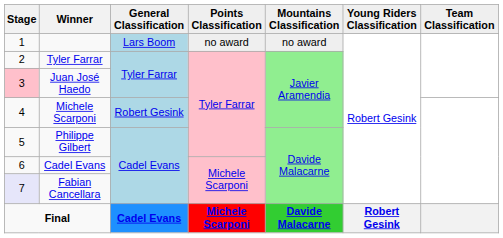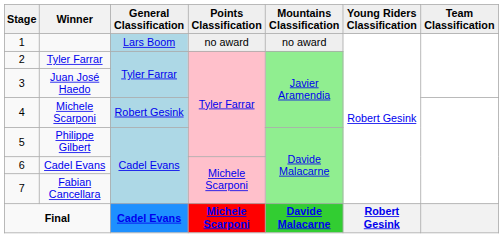 <table class="wikitable" style="text-align: center; font-size:smaller;">
 <tr>
 <th width="1%">Stage</th>
 <th width="14%">Winner</th>
 <th style="background:#EFEFEF;" width="15%">General Classification<br></th>
 <th style="background:#EFEFEF;" width="15%">Points Classification<br></th>
 <th style="background:#EFEFEF;" width="15%">Mountains Classification<br></th>
 <th style="background:#EFEFEF;" width="15%">Young Riders Classification<br></th>
 <th style="background:#EFEFEF;" width="15%">Team Classification</th>
 </tr>
 <tr>
 <td>1</td>
 <td></td>
 <td style="background-color:lightblue;"><a href='#'>Lars Boom</a></td>
 <td style="background-color:#EFEFEF;">no award</td>
 <td style="background-color:#EFEFEF;">no award</td>
 <td style="background-color:white;" rowspan="7"><a href='#'>Robert Gesink</a></td>
 <td style="background-color:white;" rowspan="3"></td>
 </tr>
 <tr>
 <td>2</td>
 <td><a href='#'>Tyler Farrar</a></td>
 <td style="background-color:lightblue;" rowspan="2"><a href='#'>Tyler Farrar</a></td>
 <td style="background-color:pink;" rowspan="4"><a href='#'>Tyler Farrar</a></td>
 <td style="background-color:lightgreen;" rowspan="3"><a href='#'>Javier Aramendia</a></td>
 </tr>
 <tr>
-<td style="background: pink;">3</td>
+<td>3</td>
 <td><a href='#'>Juan José Haedo</a></td>
 </tr>
 <tr>
 <td>4</td>
 <td><a href='#'>Michele Scarponi</a></td>
 <td style="background-color:lightblue;"><a href='#'>Robert Gesink</a></td>
 <td style="background-color:white;" rowspan="4"></td>
 </tr>
 <tr>
 <td>5</td>
 <td><a href='#'>Philippe Gilbert</a></td>
 <td style="background-color:lightblue;" rowspan="3"><a href='#'>Cadel Evans</a></td>
 <td style="background-color:lightgreen;" rowspan="3"><a href='#'>Davide Malacarne</a></td>
 </tr>
 <tr>
 <td>6</td>
 <td><a href='#'>Cadel Evans</a></td>
 <td style="background-color:pink;" rowspan="2"><a href='#'>Michele Scarponi</a></td>
 </tr>
 <tr>
-<td style="background: lavender;">7</td>
+<td>7</td>
 <td><a href='#'>Fabian Cancellara</a></td>
 </tr>
 <tr>
 <td colspan="2"><strong>Final</strong><br></td>
 <th style="background-color:dodgerblue;"><a href='#'>Cadel Evans</a></th>
 <th style="background-color:red;"><a href='#'>Michele Scarponi</a></th>
 <th style="background-color:limegreen;"><a href='#'>Davide Malacarne</a></th>
 <th style="background-color:offwhite;"><a href='#'>Robert Gesink</a></th>
 <th style="background-color:offwhite;"></th>
 </tr>
 </table>
